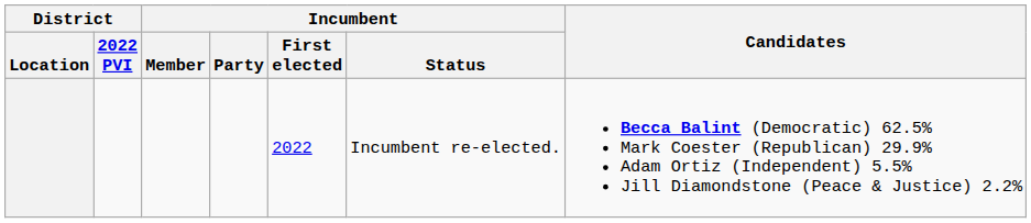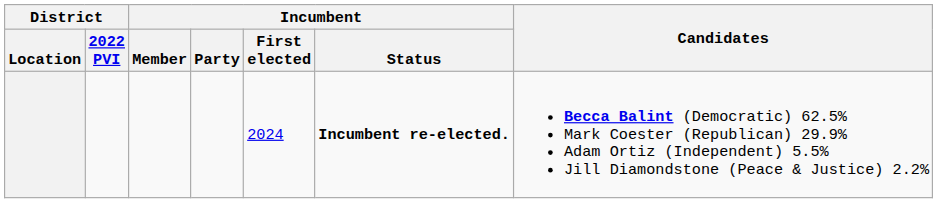 <table class="wikitable sortable">
 <tr>
 <th colspan=2>District</th>
 <th colspan=4>Incumbent</th>
 <th rowspan=2 class="unsortable">Candidates</th>
 </tr>
 <tr valign=bottom>
 <th>Location</th>
 <th><a href='#'>2022<br>PVI</a></th>
 <th>Member</th>
 <th>Party</th>
 <th>First<br>elected</th>
 <th>Status</th>
 </tr>
 <tr>
 <th></th>
 <td></td>
 <td></td>
 <td></td>
-<td><a href='#'>2022</a></td>
-<td>Incumbent re-elected.</td>
+<td><a href='#'>2024</a></td>
+<td><strong>Incumbent re-elected.</strong></td>
 <td nowrap><br><ul><li> <strong><a href='#'>Becca Balint</a></strong> (Democratic) 62.5%</li><li>Mark Coester (Republican) 29.9%</li><li>Adam Ortiz (Independent) 5.5%</li><li>Jill Diamondstone (Peace & Justice) 2.2%</li></ul></td>
 </tr>
 </table>
